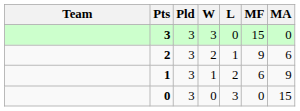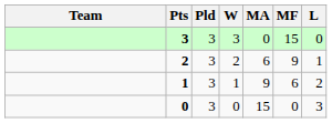 <table class=wikitable style="text-align:right">
 <tr>
 <th width=175>Team</th>
 <th width=20>Pts</th>
 <th width=20>Pld</th>
 <th width=20>W</th>
+<th width=20>MA</th>
+<th width=20>MF</th>
 <th width=20>L</th>
-<th width=20>MF</th>
-<th width=20>MA</th>
 </tr>
 <tr bgcolor=ccffcc>
 <td style="text-align:left"><strong></strong></td>
 <td><strong>3</strong></td>
 <td>3</td>
 <td>3</td>
 <td>0</td>
 <td>15</td>
 <td>0</td>
 </tr>
 <tr>
 <td style="text-align:left"></td>
 <td><strong>2</strong></td>
 <td>3</td>
 <td>2</td>
+<td>6</td>
+<td>9</td>
 <td>1</td>
-<td>9</td>
-<td>6</td>
 </tr>
 <tr>
 <td style="text-align:left"></td>
 <td><strong>1</strong></td>
 <td>3</td>
 <td>1</td>
+<td>9</td>
+<td>6</td>
 <td>2</td>
-<td>6</td>
-<td>9</td>
 </tr>
 <tr>
 <td style="text-align:left"></td>
 <td><strong>0</strong></td>
 <td>3</td>
 <td>0</td>
+<td>15</td>
+<td>0</td>
 <td>3</td>
-<td>0</td>
-<td>15</td>
 </tr>
 </table>
